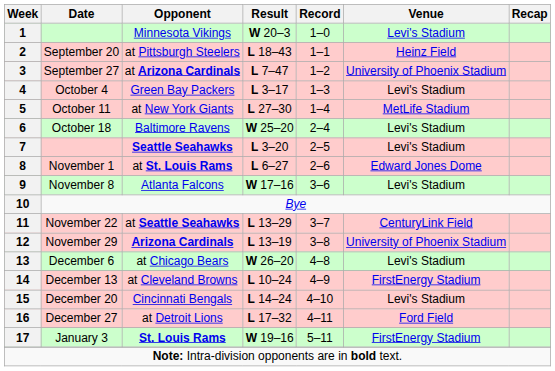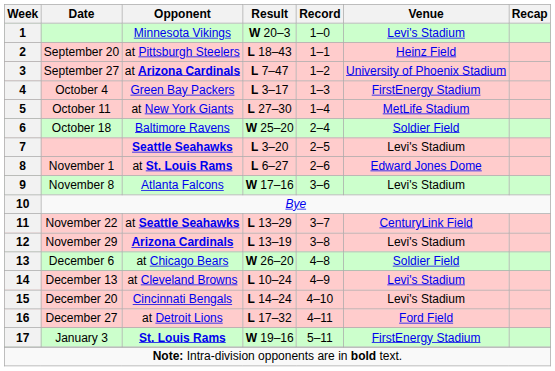 <table class="wikitable" style="text-align:center">
 <tr>
 <th>Week</th>
 <th>Date</th>
 <th>Opponent</th>
 <th>Result</th>
 <th>Record</th>
 <th>Venue</th>
 <th>Recap</th>
 </tr>
 <tr style="background:#cfc">
 <th>1</th>
 <td></td>
 <td><a href='#'>Minnesota Vikings</a></td>
 <td><strong>W</strong> 20–3</td>
 <td>1–0</td>
 <td><a href='#'>Levi's Stadium</a></td>
 <td></td>
 </tr>
 <tr style="background:#fcc">
 <th>2</th>
 <td>September 20</td>
 <td>at <a href='#'>Pittsburgh Steelers</a></td>
 <td><strong>L</strong> 18–43</td>
 <td>1–1</td>
 <td><a href='#'>Heinz Field</a></td>
 <td></td>
 </tr>
 <tr style="background:#fcc">
 <th>3</th>
 <td>September 27</td>
 <td>at <strong><a href='#'>Arizona Cardinals</a></strong></td>
 <td><strong>L</strong> 7–47</td>
 <td>1–2</td>
 <td><a href='#'>University of Phoenix Stadium</a></td>
 <td></td>
 </tr>
 <tr style="background:#fcc">
 <th>4</th>
 <td>October 4</td>
 <td><a href='#'>Green Bay Packers</a></td>
 <td><strong>L</strong> 3–17</td>
 <td>1–3</td>
-<td>Levi's Stadium</td>
+<td><a href='#'>FirstEnergy Stadium</a></td>
 <td></td>
 </tr>
 <tr style="background:#fcc">
 <th>5</th>
 <td>October 11</td>
 <td>at <a href='#'>New York Giants</a></td>
 <td><strong>L</strong> 27–30</td>
 <td>1–4</td>
 <td><a href='#'>MetLife Stadium</a></td>
 <td></td>
 </tr>
 <tr style="background:#cfc">
 <th>6</th>
 <td>October 18</td>
 <td><a href='#'>Baltimore Ravens</a></td>
 <td><strong>W</strong> 25–20</td>
 <td>2–4</td>
-<td>Levi's Stadium</td>
+<td><a href='#'>Soldier Field</a></td>
 <td></td>
 </tr>
 <tr style="background:#fcc">
 <th>7</th>
 <td></td>
 <td><strong><a href='#'>Seattle Seahawks</a></strong></td>
 <td><strong>L</strong> 3–20</td>
 <td>2–5</td>
 <td>Levi's Stadium</td>
 <td></td>
 </tr>
 <tr style="background:#fcc">
 <th>8</th>
 <td>November 1</td>
 <td>at <strong><a href='#'>St. Louis Rams</a></strong></td>
 <td><strong>L</strong> 6–27</td>
 <td>2–6</td>
 <td><a href='#'>Edward Jones Dome</a></td>
 <td></td>
 </tr>
 <tr style="background:#cfc">
 <th>9</th>
 <td>November 8</td>
 <td><a href='#'>Atlanta Falcons</a></td>
 <td><strong>W</strong> 17–16</td>
 <td>3–6</td>
 <td>Levi's Stadium</td>
 <td></td>
 </tr>
 <tr>
 <th>10</th>
 <td colspan=8><em><a href='#'>Bye</a></em></td>
 </tr>
 <tr style="background:#fcc">
 <th>11</th>
 <td>November 22</td>
 <td>at <strong><a href='#'>Seattle Seahawks</a></strong></td>
 <td><strong>L</strong> 13–29</td>
 <td>3–7</td>
 <td><a href='#'>CenturyLink Field</a></td>
 <td></td>
 </tr>
 <tr style="background:#fcc">
 <th>12</th>
 <td>November 29</td>
 <td><strong><a href='#'>Arizona Cardinals</a></strong></td>
 <td><strong>L</strong> 13–19</td>
 <td>3–8</td>
-<td><a href='#'>University of Phoenix Stadium</a></td>
+<td>Levi's Stadium</td>
 <td></td>
 </tr>
 <tr style="background:#cfc">
 <th>13</th>
 <td>December 6</td>
 <td>at <a href='#'>Chicago Bears</a></td>
 <td><strong>W</strong> 26–20 </td>
 <td>4–8</td>
-<td>Levi's Stadium</td>
+<td><a href='#'>Soldier Field</a></td>
 <td></td>
 </tr>
 <tr style="background:#fcc">
 <th>14</th>
 <td>December 13</td>
 <td>at <a href='#'>Cleveland Browns</a></td>
 <td><strong>L</strong> 10–24</td>
 <td>4–9</td>
-<td><a href='#'>FirstEnergy Stadium</a></td>
+<td><a href='#'>Levi's Stadium</a></td>
 <td></td>
 </tr>
 <tr style="background:#fcc">
 <th>15</th>
 <td>December 20</td>
 <td><a href='#'>Cincinnati Bengals</a></td>
 <td><strong>L</strong> 14–24</td>
 <td>4–10</td>
 <td>Levi's Stadium</td>
 <td></td>
 </tr>
 <tr style="background:#fcc">
 <th>16</th>
 <td>December 27</td>
 <td>at <a href='#'>Detroit Lions</a></td>
 <td><strong>L</strong> 17–32</td>
 <td>4–11</td>
 <td><a href='#'>Ford Field</a></td>
 <td></td>
 </tr>
 <tr style="background:#cfc">
 <th>17</th>
 <td>January 3</td>
 <td><strong><a href='#'>St. Louis Rams</a></strong></td>
 <td><strong>W</strong> 19–16 </td>
 <td>5–11</td>
 <td><a href='#'>FirstEnergy Stadium</a></td>
 <td></td>
 </tr>
 <tr>
 </tr>
 <tr>
 <td colspan="8"><strong>Note:</strong> Intra-division opponents are in <strong>bold</strong> text.</td>
 </tr>
 </table>
